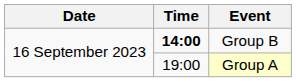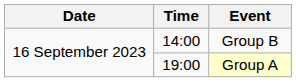 <table class = "wikitable" style="text-align:center;">
 <tr>
 <th width=150>Date</th>
 <th width=50>Time</th>
 <th width=80>Event</th>
 </tr>
 <tr>
 <td rowspan=2>16 September 2023</td>
-<td><strong>14:00</strong></td>
+<td>14:00</td>
 <td>Group B</td>
 </tr>
 <tr>
 <td>19:00</td>
 <td bgcolor=ffffcc>Group A</td>
 </tr>
 </table>
